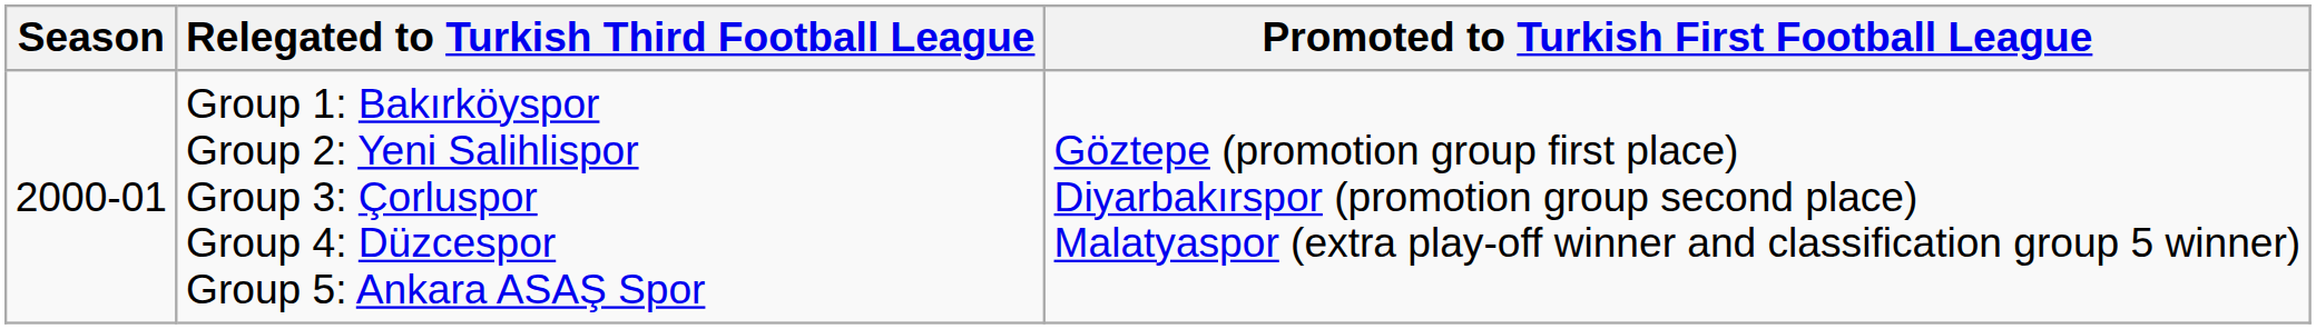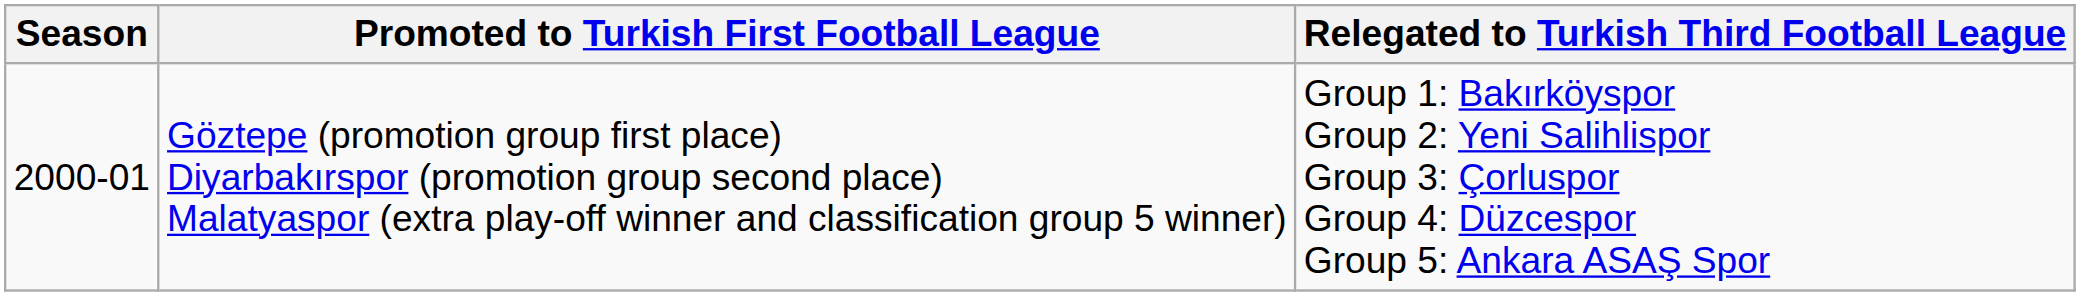 <table class="wikitable">
 <tr>
 <th>Season</th>
+<th>Promoted to <a href='#'>Turkish First Football League</a></th>
 <th>Relegated to <a href='#'>Turkish Third Football League</a></th>
-<th>Promoted to <a href='#'>Turkish First Football League</a></th>
 </tr>
 <tr>
 <td>2000-01</td>
+<td><a href='#'>Göztepe</a> (promotion group first place)<br><a href='#'>Diyarbakırspor</a> (promotion group second place)<br><a href='#'>Malatyaspor</a> (extra play-off winner and classification group 5 winner)</td>
 <td>Group 1: <a href='#'>Bakırköyspor</a><br>Group 2: <a href='#'>Yeni Salihlispor</a><br>Group 3: <a href='#'>Çorluspor</a><br>Group 4: <a href='#'>Düzcespor</a><br>Group 5: <a href='#'>Ankara ASAŞ Spor</a></td>
-<td><a href='#'>Göztepe</a> (promotion group first place)<br><a href='#'>Diyarbakırspor</a> (promotion group second place)<br><a href='#'>Malatyaspor</a> (extra play-off winner and classification group 5 winner)</td>
 </tr>
 </table>
